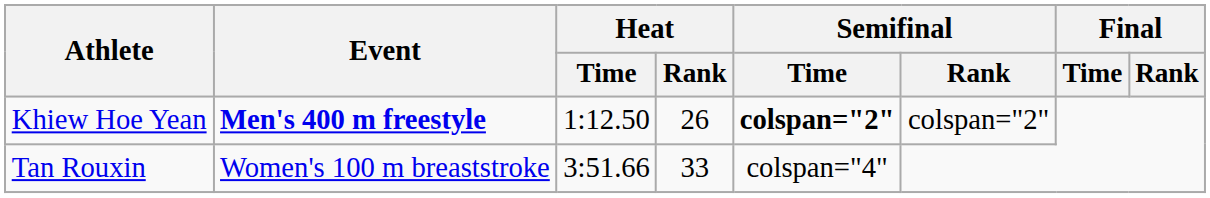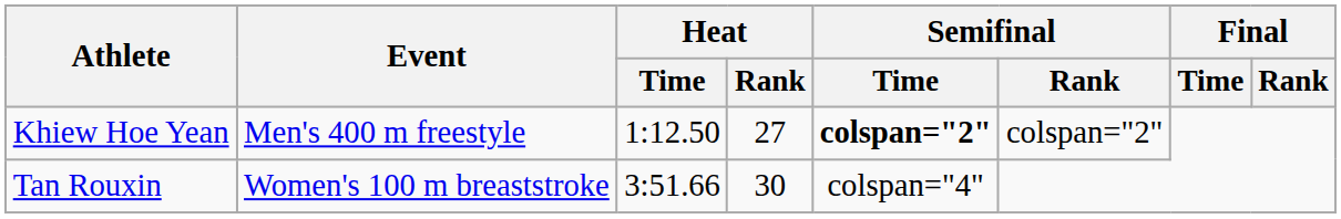 <table class=wikitable style=font-size:90%;text-align:center>
 <tr>
 <th rowspan=2>Athlete</th>
 <th rowspan=2>Event</th>
 <th colspan=2>Heat</th>
 <th colspan=2>Semifinal</th>
 <th colspan=2>Final</th>
 </tr>
 <tr style=font-size:95%>
 <th>Time</th>
 <th>Rank</th>
 <th>Time</th>
 <th>Rank</th>
 <th>Time</th>
 <th>Rank</th>
 </tr>
 <tr>
 <td align=left><a href='#'>Khiew Hoe Yean</a></td>
-<td align=left><strong><a href='#'>Men's 400 m freestyle</a></strong></td>
+<td align=left><a href='#'>Men's 400 m freestyle</a></td>
 <td>1:12.50</td>
-<td>26</td>
+<td>27</td>
 <td><strong>colspan="2" </strong></td>
 <td>colspan="2" </td>
 </tr>
 <tr>
 <td align=left><a href='#'>Tan Rouxin</a></td>
 <td align=left><a href='#'>Women's 100 m breaststroke</a></td>
 <td>3:51.66</td>
-<td>33</td>
+<td>30</td>
 <td>colspan="4" </td>
 </tr>
 </table>
